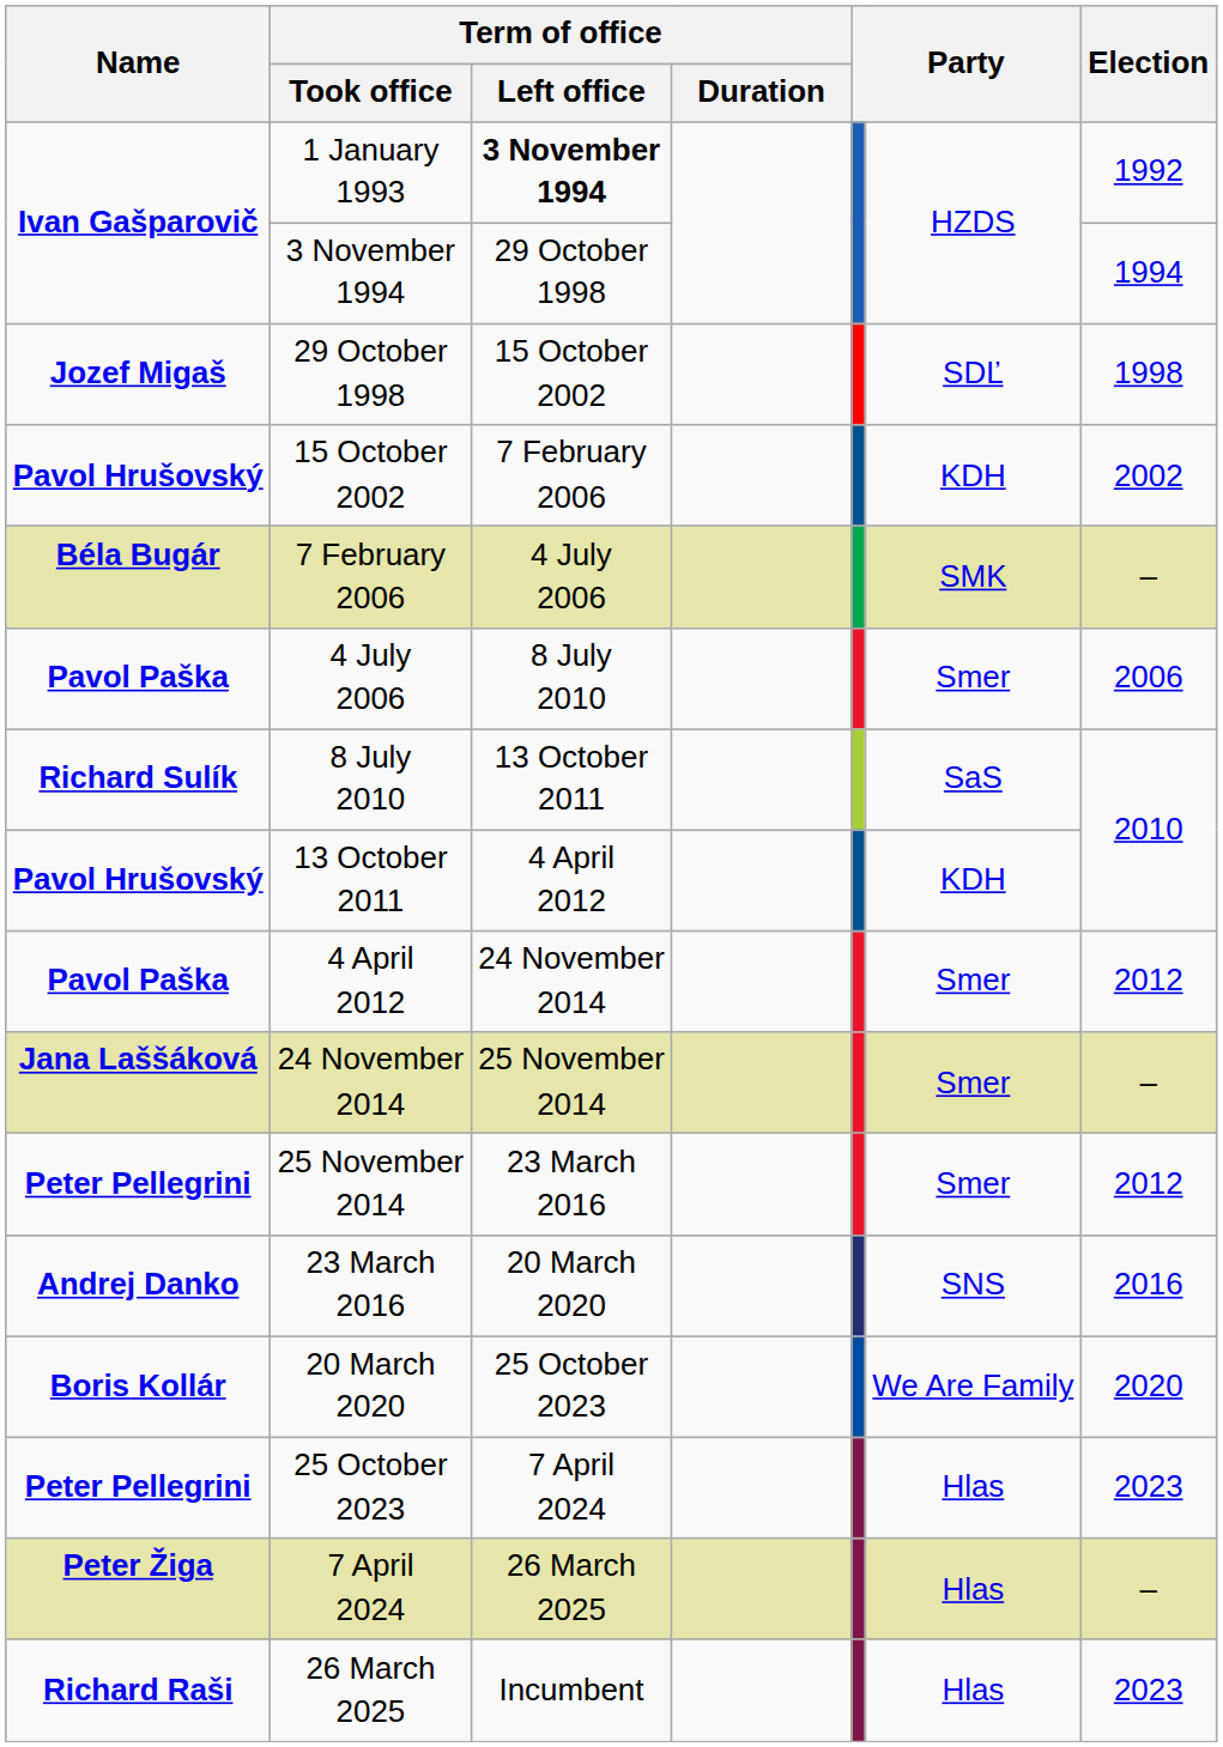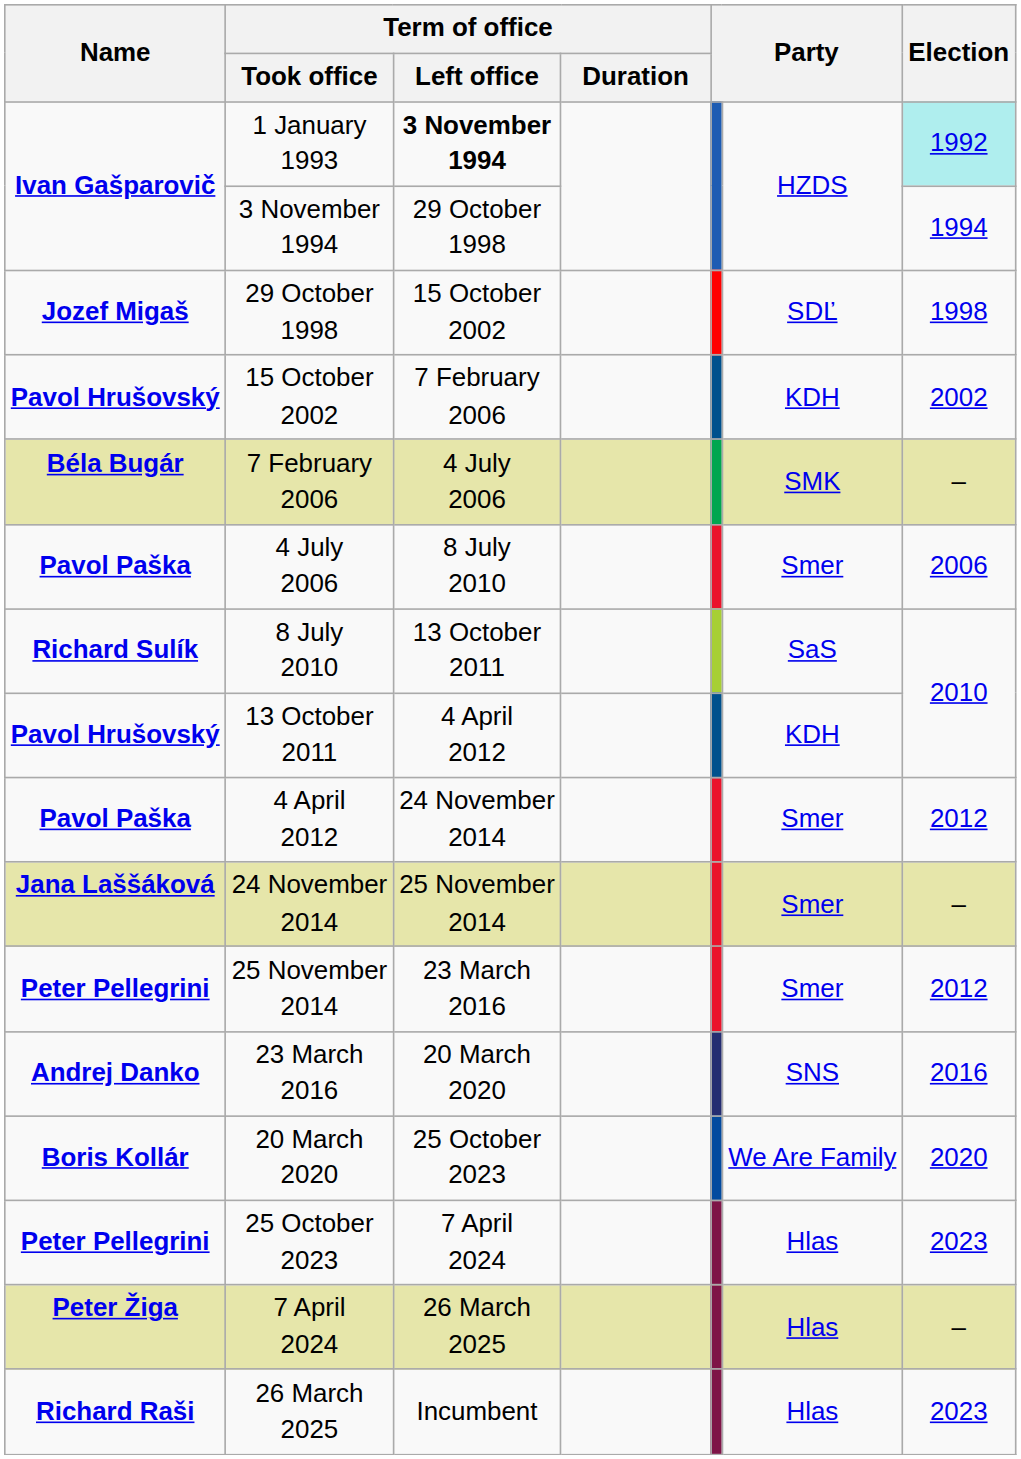 <table class="wikitable" style="line-height:1.4em; text-align:center; border:1px #aaf solid;">
 <tr>
 <th rowspan="2">Name<br></th>
 <th colspan="3">Term of office</th>
 <th colspan="2" rowspan="2">Party</th>
 <th rowspan="2">Election</th>
 </tr>
 <tr>
 <th>Took office</th>
 <th>Left office</th>
 <th width="85">Duration</th>
 </tr>
 <tr>
 <td rowspan="2"><strong><a href='#'>Ivan Gašparovič</a></strong><br></td>
 <td class="nowrap">1 January<br>1993</td>
 <td class="nowrap"><strong>3 November<br>1994</strong></td>
 <td rowspan="2" style="font-size:95%;"></td>
 <td rowspan="2" style="background:#1e5cb3;"></td>
 <td rowspan="2"><a href='#'>HZDS</a></td>
-<td><a href='#'>1992</a></td>
+<td style="background: paleturquoise;"><a href='#'>1992</a></td>
 </tr>
 <tr>
 <td>3 November<br>1994</td>
 <td>29 October<br>1998</td>
 <td><a href='#'>1994</a></td>
 </tr>
 <tr>
 <td><strong><a href='#'>Jozef Migaš</a></strong><br></td>
 <td class="nowrap">29 October<br>1998</td>
 <td class="nowrap">15 October<br>2002</td>
 <td rowspan="1" style="font-size:95%;"></td>
 <td rowspan="1" style="background:#ff0000;"></td>
 <td rowspan="1"><a href='#'>SDĽ</a></td>
 <td><a href='#'>1998</a></td>
 </tr>
 <tr>
 <td><strong><a href='#'>Pavol Hrušovský</a></strong><br></td>
 <td class="nowrap">15 October<br>2002</td>
 <td class="nowrap">7 February<br>2006</td>
 <td rowspan="1" style="font-size:95%;"></td>
 <td rowspan="1" style="background:#00518d;"></td>
 <td rowspan="1"><a href='#'>KDH</a></td>
 <td><a href='#'>2002</a></td>
 </tr>
 <tr style="background:#e6e6aa;">
 <td><strong><a href='#'>Béla Bugár</a></strong><br><br></td>
 <td class="nowrap">7 February<br>2006</td>
 <td class="nowrap">4 July<br>2006</td>
 <td rowspan="1" style="font-size:95%;"></td>
 <td rowspan="1" style="background:#00a650;"></td>
 <td rowspan="1"><a href='#'>SMK</a></td>
 <td>–</td>
 </tr>
 <tr>
 <td><strong><a href='#'>Pavol Paška</a></strong><br></td>
 <td class="nowrap">4 July<br>2006</td>
 <td class="nowrap">8 July<br>2010</td>
 <td rowspan="1" style="font-size:95%;"></td>
 <td rowspan="1" style="background:#ea132b;"></td>
 <td rowspan="1"><a href='#'>Smer</a></td>
 <td><a href='#'>2006</a></td>
 </tr>
 <tr>
 <td><strong><a href='#'>Richard Sulík</a></strong><br></td>
 <td class="nowrap">8 July<br>2010</td>
 <td class="nowrap">13 October<br>2011</td>
 <td rowspan="1" style="font-size:95%;"></td>
 <td rowspan="1" style="background:#a7cf35;"></td>
 <td rowspan="1"><a href='#'>SaS</a></td>
 <td rowspan="2"><a href='#'>2010</a></td>
 </tr>
 <tr>
 <td><strong><a href='#'>Pavol Hrušovský</a></strong><br></td>
 <td class="nowrap">13 October<br>2011</td>
 <td class="nowrap">4 April<br>2012</td>
 <td rowspan="1" style="font-size:95%;"></td>
 <td rowspan="1" style="background:#00518d;"></td>
 <td rowspan="1"><a href='#'>KDH</a></td>
 </tr>
 <tr>
 <td><strong><a href='#'>Pavol Paška</a></strong><br></td>
 <td class="nowrap">4 April<br>2012</td>
 <td class="nowrap">24 November<br>2014</td>
 <td rowspan="1" style="font-size:95%;"></td>
 <td rowspan="1" style="background:#ea132b;"></td>
 <td rowspan="1"><a href='#'>Smer</a></td>
 <td><a href='#'>2012</a></td>
 </tr>
 <tr style="background:#e6e6aa;">
 <td><strong><a href='#'>Jana Laššáková</a></strong><br><br></td>
 <td class="nowrap">24 November<br>2014</td>
 <td class="nowrap">25 November<br>2014</td>
 <td rowspan="1" style="font-size:95%;"></td>
 <td rowspan="1" style="background:#ea132b;"></td>
 <td rowspan="1"><a href='#'>Smer</a></td>
 <td>–</td>
 </tr>
 <tr>
 <td><strong><a href='#'>Peter Pellegrini</a></strong><br></td>
 <td class="nowrap">25 November<br>2014</td>
 <td class="nowrap">23 March<br>2016</td>
 <td rowspan="1" style="font-size:95%;"></td>
 <td rowspan="1" style="background:#ea132b;"></td>
 <td rowspan="1"><a href='#'>Smer</a></td>
 <td><a href='#'>2012</a></td>
 </tr>
 <tr>
 <td><strong><a href='#'>Andrej Danko</a></strong><br></td>
 <td class="nowrap">23 March<br>2016</td>
 <td class="nowrap">20 March<br>2020</td>
 <td rowspan="1" style="font-size:95%;"></td>
 <td rowspan="1" style="background:#242d71;"></td>
 <td rowspan="1"><a href='#'>SNS</a></td>
 <td><a href='#'>2016</a></td>
 </tr>
 <tr>
 <td><strong><a href='#'>Boris Kollár</a></strong><br></td>
 <td class="nowrap">20 March<br>2020</td>
 <td class="nowrap">25 October<br>2023</td>
 <td rowspan="1" style="font-size:95%;"></td>
 <td rowspan="1" style="background:#034b9f;"></td>
 <td rowspan="1"><a href='#'>We Are Family</a></td>
 <td><a href='#'>2020</a></td>
 </tr>
 <tr>
 <td><strong><a href='#'>Peter Pellegrini</a></strong><br></td>
 <td>25 October<br>2023</td>
 <td>7 April<br>2024</td>
 <td></td>
 <td rowspan="1" style="background:#7E1447;"></td>
 <td><a href='#'>Hlas</a></td>
 <td><a href='#'>2023</a></td>
 </tr>
 <tr style="background:#e6e6aa;">
 <td><strong><a href='#'>Peter Žiga</a></strong><br><br></td>
 <td>7 April<br>2024</td>
 <td>26 March <br>2025</td>
 <td></td>
 <td rowspan="1" style="background:#7E1447;"></td>
 <td><a href='#'>Hlas</a></td>
 <td>–</td>
 </tr>
 <tr>
 <td><strong><a href='#'>Richard Raši</a></strong><br></td>
 <td>26 March <br>2025</td>
 <td>Incumbent</td>
 <td></td>
 <td rowspan="1" style="background:#7E1447;"></td>
 <td><a href='#'>Hlas</a></td>
 <td><a href='#'>2023</a></td>
 </tr>
 </table>
